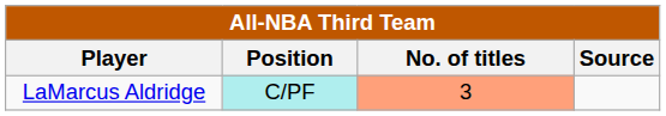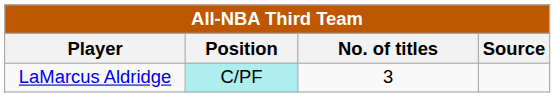 <table class="wikitable" style="text-align:center">
 <tr>
 <td colspan="5" style= "background: #BF5700; color:white"><strong>All-NBA Third Team</strong></td>
 </tr>
 <tr>
 <th style="width:150px; ">Player</th>
 <th style="width:90px; ">Position</th>
 <th style="width:150px; ">No. of titles</th>
 <th style="width:50px; ">Source</th>
 </tr>
 <tr>
 <td><a href='#'>LaMarcus Aldridge</a></td>
 <td style="background: paleturquoise;">C/PF</td>
-<td style="background: lightsalmon;">3</td>
+<td>3</td>
 <td></td>
 </tr>
 </table>
